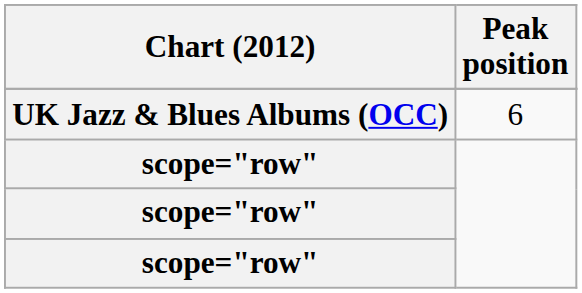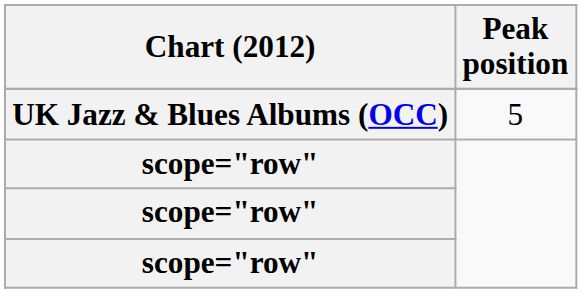 <table class="wikitable plainrowheaders sortable" style="text-align:center">
 <tr>
 <th scope="col">Chart (2012)</th>
 <th scope="col">Peak<br>position</th>
 </tr>
 <tr>
 </tr>
 <tr>
 </tr>
 <tr>
 </tr>
 <tr>
 </tr>
 <tr>
 </tr>
 <tr>
 <th scope="row">UK Jazz & Blues Albums (<a href='#'>OCC</a>)</th>
-<td>6</td>
+<td>5</td>
 </tr>
 <tr>
 <th>scope="row" </th>
 </tr>
 <tr>
 <th>scope="row" </th>
 </tr>
 <tr>
 <th>scope="row" </th>
 </tr>
 </table>
